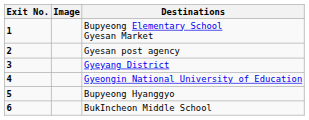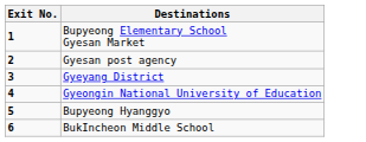 <table class="wikitable">
 <tr>
 <th>Exit No.</th>
-<th>Image</th>
 <th>Destinations</th>
 </tr>
 <tr>
 <td><strong>1</strong></td>
-<td></td>
 <td>Bupyeong <a href='#'>Elementary School</a><br>Gyesan Market</td>
 </tr>
 <tr>
 <td><strong>2</strong></td>
-<td></td>
 <td>Gyesan post agency</td>
 </tr>
 <tr>
 <td><strong>3</strong></td>
-<td></td>
 <td><a href='#'>Gyeyang District</a></td>
 </tr>
 <tr>
 <td><strong>4</strong></td>
-<td></td>
 <td><a href='#'>Gyeongin National University of Education</a></td>
 </tr>
 <tr>
 <td><strong>5</strong></td>
-<td></td>
 <td>Bupyeong Hyanggyo</td>
 </tr>
 <tr>
 <td><strong>6</strong></td>
-<td></td>
 <td>BukIncheon Middle School</td>
 </tr>
 </table>
